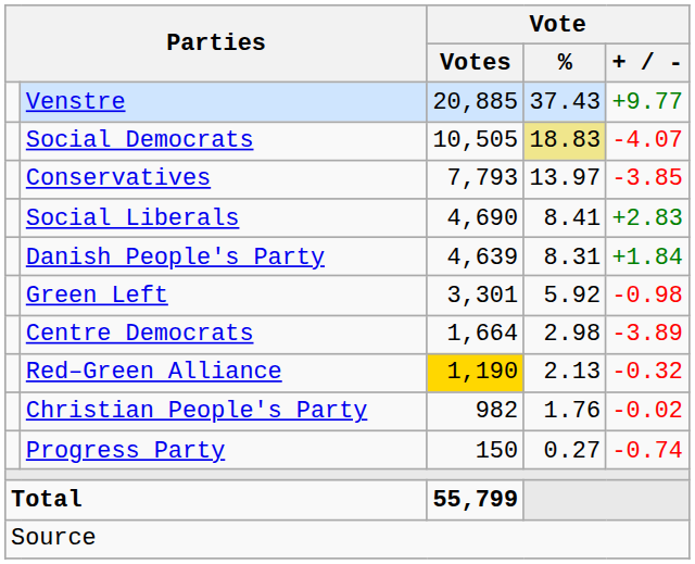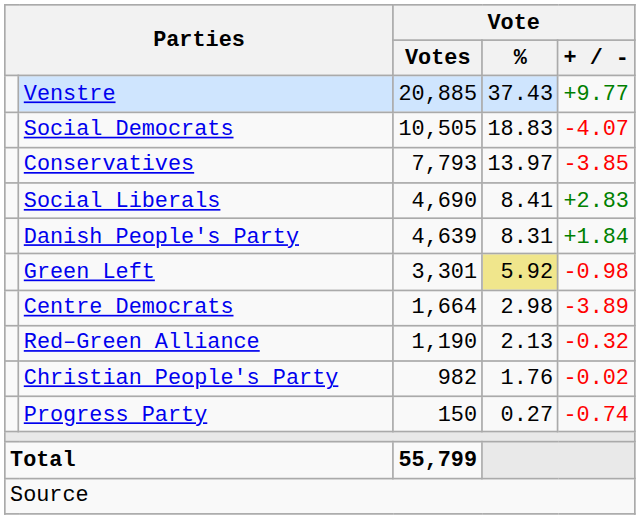 <table class="wikitable" style="text-align:right;">
 <tr>
 <th style="text-align:centre;" rowspan="2" colspan="2" width="225">Parties</th>
 <th colspan="3">Vote</th>
 </tr>
 <tr>
 <th width="15">Votes</th>
 <th width="15">%</th>
 <th width="15">+ / -</th>
 </tr>
 <tr>
 <td width="2" style="color:inherit;background:"></td>
 <td bgcolor=#cfe5fe  align="left"><a href='#'>Venstre</a></td>
 <td bgcolor=#cfe5fe>20,885</td>
 <td bgcolor=#cfe5fe>37.43</td>
 <td style=color:green;>+9.77</td>
 </tr>
 <tr>
 <td width="2" style="color:inherit;background:"></td>
 <td align="left"><a href='#'>Social Democrats</a></td>
 <td>10,505</td>
-<td style="background: khaki;">18.83</td>
+<td>18.83</td>
 <td style=color:red;>-4.07</td>
 </tr>
 <tr>
 <td width="2" style="color:inherit;background:"></td>
 <td align="left"><a href='#'>Conservatives</a></td>
 <td>7,793</td>
 <td>13.97</td>
 <td style=color:red;>-3.85</td>
 </tr>
 <tr>
 <td width="2" style="color:inherit;background:"></td>
 <td align="left"><a href='#'>Social Liberals</a></td>
 <td>4,690</td>
 <td>8.41</td>
 <td style=color:green;>+2.83</td>
 </tr>
 <tr>
 <td width="2" style="color:inherit;background:"></td>
 <td align="left"><a href='#'>Danish People's Party</a></td>
 <td>4,639</td>
 <td>8.31</td>
 <td style=color:green;>+1.84</td>
 </tr>
 <tr>
 <td width="2" style="color:inherit;background:"></td>
 <td align="left"><a href='#'>Green Left</a></td>
 <td>3,301</td>
-<td>5.92</td>
+<td style="background: khaki;">5.92</td>
 <td style=color:red;>-0.98</td>
 </tr>
 <tr>
 <td width="2" style="color:inherit;background:"></td>
 <td align="left"><a href='#'>Centre Democrats</a></td>
 <td>1,664</td>
 <td>2.98</td>
 <td style=color:red;>-3.89</td>
 </tr>
 <tr>
 <td width="2" style="color:inherit;background:"></td>
 <td align="left"><a href='#'>Red–Green Alliance</a></td>
-<td style="background: gold;">1,190</td>
+<td>1,190</td>
 <td>2.13</td>
 <td style=color:red;>-0.32</td>
 </tr>
 <tr>
 <td width="2" style="color:inherit;background:"></td>
 <td align="left"><a href='#'>Christian People's Party</a></td>
 <td>982</td>
 <td>1.76</td>
 <td style=color:red;>-0.02</td>
 </tr>
 <tr>
 <td width="2" style="color:inherit;background:"></td>
 <td align="left"><a href='#'>Progress Party</a></td>
 <td>150</td>
 <td>0.27</td>
 <td style=color:red;>-0.74</td>
 </tr>
 <tr>
 <td colspan="7" bgcolor="#E9E9E9"></td>
 </tr>
 <tr>
 <td align="left" colspan="2"><strong>Total</strong></td>
 <td><strong>55,799</strong></td>
 <td bgcolor="#E9E9E9" colspan="2"></td>
 </tr>
 <tr>
 <td align="left" colspan="6">Source</td>
 </tr>
 </table>
